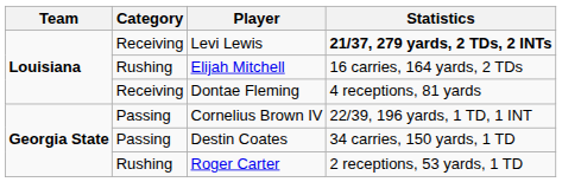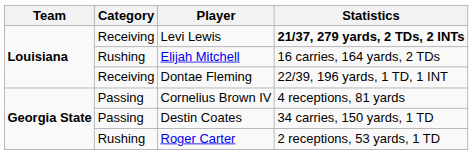 <table class="wikitable" style="float: left;">
 <tr>
 <th>Team</th>
 <th>Category</th>
 <th>Player</th>
 <th>Statistics</th>
 </tr>
 <tr>
 <td rowspan=3><strong>Louisiana</strong></td>
 <td>Receiving</td>
 <td>Levi Lewis</td>
 <td><strong>21/37, 279 yards, 2 TDs, 2 INTs</strong></td>
 </tr>
 <tr>
 <td>Rushing</td>
 <td><a href='#'>Elijah Mitchell</a></td>
 <td>16 carries, 164 yards, 2 TDs</td>
 </tr>
 <tr>
 <td>Receiving</td>
 <td>Dontae Fleming</td>
-<td>4 receptions, 81 yards</td>
+<td>22/39, 196 yards, 1 TD, 1 INT</td>
 </tr>
 <tr>
 <td rowspan=3><strong>Georgia State</strong></td>
 <td>Passing</td>
 <td>Cornelius Brown IV</td>
-<td>22/39, 196 yards, 1 TD, 1 INT</td>
+<td>4 receptions, 81 yards</td>
 </tr>
 <tr>
 <td>Passing</td>
 <td>Destin Coates</td>
 <td>34 carries, 150 yards, 1 TD</td>
 </tr>
 <tr>
 <td>Rushing</td>
 <td><a href='#'>Roger Carter</a></td>
 <td>2 receptions, 53 yards, 1 TD</td>
 </tr>
 </table>
